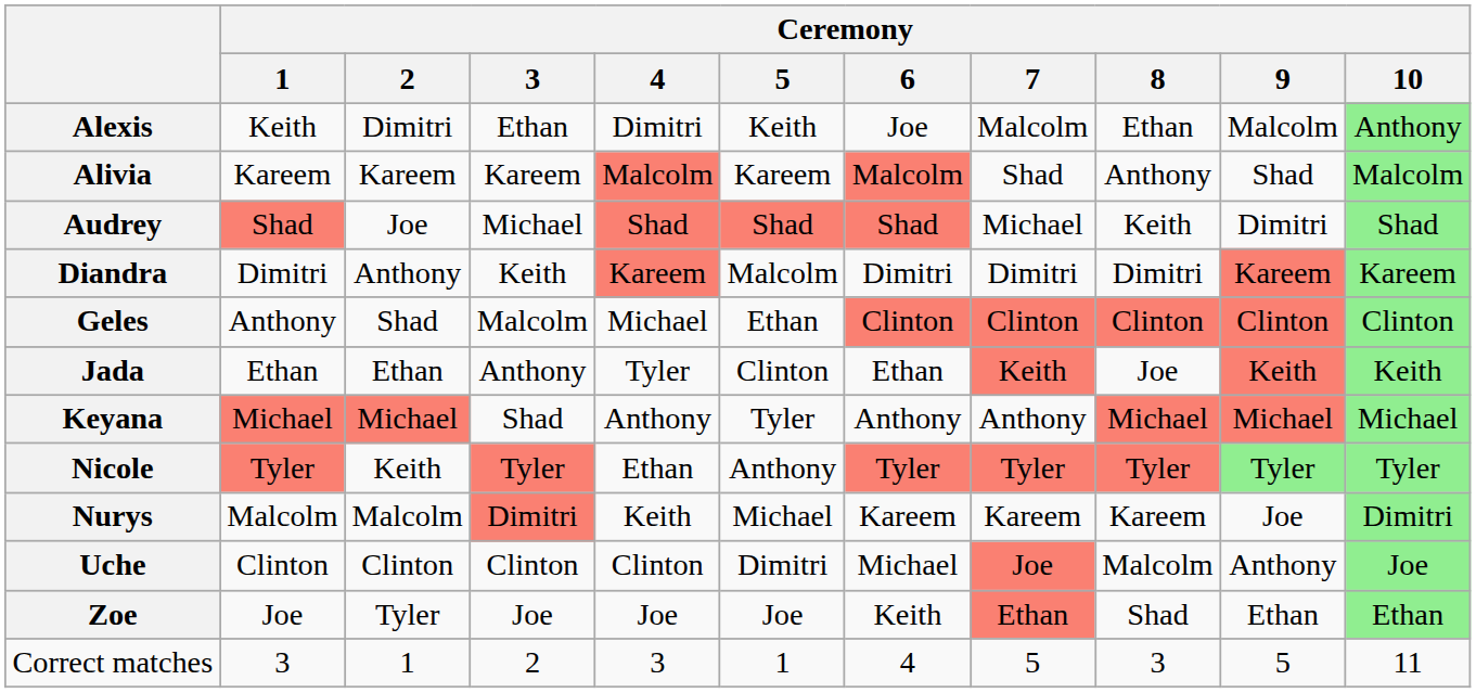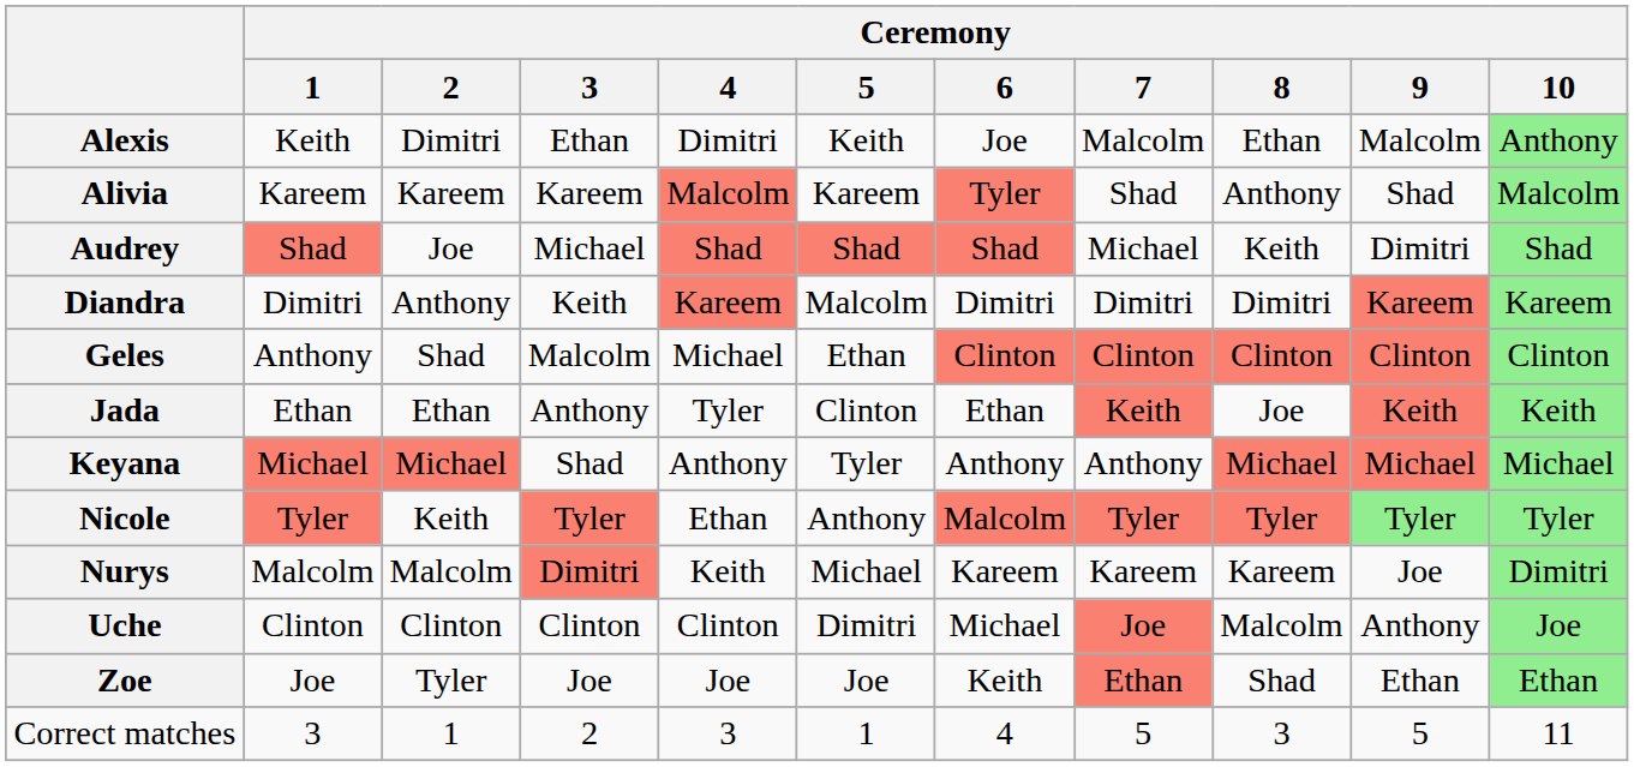 <table class="wikitable" style="text-align:center;">
 <tr>
 <th rowspan="2"></th>
 <th colspan="14" style="text-align:center;">Ceremony</th>
 </tr>
 <tr>
 <th>1</th>
 <th>2</th>
 <th>3</th>
 <th>4</th>
 <th>5</th>
 <th>6</th>
 <th>7</th>
 <th>8</th>
 <th>9</th>
 <th>10</th>
 </tr>
 <tr>
 <th>Alexis</th>
 <td>Keith</td>
 <td>Dimitri</td>
 <td>Ethan</td>
 <td>Dimitri</td>
 <td>Keith</td>
 <td>Joe</td>
 <td>Malcolm</td>
 <td>Ethan</td>
 <td>Malcolm</td>
 <td style="background:lightgreen">Anthony</td>
 </tr>
 <tr>
 <th>Alivia</th>
 <td>Kareem</td>
 <td>Kareem</td>
 <td>Kareem</td>
 <td style="background:salmon">Malcolm</td>
 <td>Kareem</td>
-<td style="background:salmon">Malcolm</td>
+<td style="background:salmon">Tyler</td>
 <td>Shad</td>
 <td>Anthony</td>
 <td>Shad</td>
 <td style="background:lightgreen">Malcolm</td>
 </tr>
 <tr>
 <th>Audrey</th>
 <td style="background:salmon">Shad</td>
 <td>Joe</td>
 <td>Michael</td>
 <td style="background:salmon">Shad</td>
 <td style="background:salmon">Shad</td>
 <td style="background:salmon">Shad</td>
 <td>Michael</td>
 <td>Keith</td>
 <td>Dimitri</td>
 <td style="background:lightgreen">Shad</td>
 </tr>
 <tr>
 <th>Diandra</th>
 <td>Dimitri</td>
 <td>Anthony</td>
 <td>Keith</td>
 <td style="background:salmon">Kareem</td>
 <td>Malcolm</td>
 <td>Dimitri</td>
 <td>Dimitri</td>
 <td>Dimitri</td>
 <td style="background:salmon">Kareem</td>
 <td style="background:lightgreen">Kareem</td>
 </tr>
 <tr>
 <th>Geles</th>
 <td>Anthony</td>
 <td>Shad</td>
 <td>Malcolm</td>
 <td>Michael</td>
 <td>Ethan</td>
 <td style="background:salmon">Clinton</td>
 <td style="background:salmon">Clinton</td>
 <td style="background:salmon">Clinton</td>
 <td style="background:salmon">Clinton</td>
 <td style="background:lightgreen">Clinton</td>
 </tr>
 <tr>
 <th>Jada</th>
 <td>Ethan</td>
 <td>Ethan</td>
 <td>Anthony</td>
 <td>Tyler</td>
 <td>Clinton</td>
 <td>Ethan</td>
 <td style="background:salmon">Keith</td>
 <td>Joe</td>
 <td style="background:salmon">Keith</td>
 <td style="background:lightgreen">Keith</td>
 </tr>
 <tr>
 <th>Keyana</th>
 <td style="background:salmon">Michael</td>
 <td style="background:salmon">Michael</td>
 <td>Shad</td>
 <td>Anthony</td>
 <td>Tyler</td>
 <td>Anthony</td>
 <td>Anthony</td>
 <td style="background:salmon">Michael</td>
 <td style="background:salmon">Michael</td>
 <td style="background:lightgreen">Michael</td>
 </tr>
 <tr>
 <th>Nicole</th>
 <td style="background:salmon">Tyler</td>
 <td>Keith</td>
 <td style="background:salmon">Tyler</td>
 <td>Ethan</td>
 <td>Anthony</td>
-<td style="background:salmon">Tyler</td>
+<td style="background:salmon">Malcolm</td>
 <td style="background:salmon">Tyler</td>
 <td style="background:salmon">Tyler</td>
 <td style="background:lightgreen">Tyler</td>
 <td style="background:lightgreen">Tyler</td>
 </tr>
 <tr>
 <th>Nurys</th>
 <td>Malcolm</td>
 <td>Malcolm</td>
 <td style="background:salmon">Dimitri</td>
 <td>Keith</td>
 <td>Michael</td>
 <td>Kareem</td>
 <td>Kareem</td>
 <td>Kareem</td>
 <td>Joe</td>
 <td style="background:lightgreen">Dimitri</td>
 </tr>
 <tr>
 <th>Uche</th>
 <td>Clinton</td>
 <td>Clinton</td>
 <td>Clinton</td>
 <td>Clinton</td>
 <td>Dimitri</td>
 <td>Michael</td>
 <td style="background:salmon">Joe</td>
 <td>Malcolm</td>
 <td>Anthony</td>
 <td style="background:lightgreen">Joe</td>
 </tr>
 <tr>
 <th>Zoe</th>
 <td>Joe</td>
 <td>Tyler</td>
 <td>Joe</td>
 <td>Joe</td>
 <td>Joe</td>
 <td>Keith</td>
 <td style="background:salmon">Ethan</td>
 <td>Shad</td>
 <td>Ethan</td>
 <td style="background:lightgreen">Ethan</td>
 </tr>
 <tr>
 <td>Correct matches</td>
 <td>3</td>
 <td>1</td>
 <td>2</td>
 <td>3</td>
 <td>1</td>
 <td>4</td>
 <td>5</td>
 <td>3</td>
 <td>5</td>
 <td>11</td>
 </tr>
 </table>
